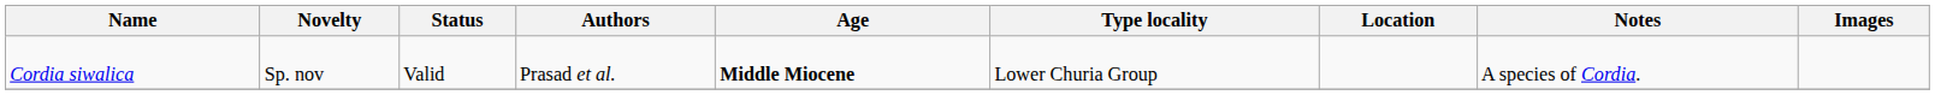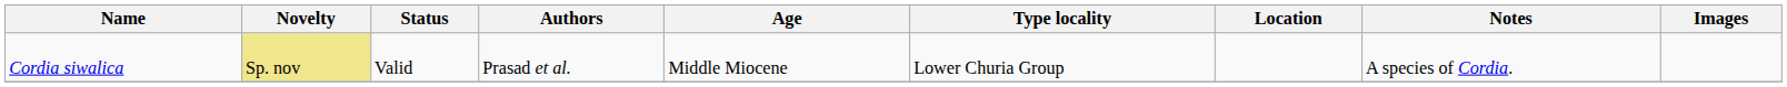 <table class="wikitable sortable" align="center" width="100%">
 <tr>
 <th>Name</th>
 <th>Novelty</th>
 <th>Status</th>
 <th>Authors</th>
 <th>Age</th>
 <th>Type locality</th>
 <th>Location</th>
 <th>Notes</th>
 <th>Images</th>
 </tr>
 <tr>
 <td><br><em><a href='#'>Cordia siwalica</a></em></td>
-<td><br>Sp. nov</td>
+<td style="background: khaki;"><br>Sp. nov</td>
 <td><br>Valid</td>
 <td><br>Prasad <em>et al.</em></td>
-<td><strong><br>Middle Miocene</strong></td>
+<td><br>Middle Miocene</td>
 <td><br>Lower Churia Group</td>
 <td><br></td>
 <td><br>A species of <em><a href='#'>Cordia</a></em>.</td>
 <td></td>
 </tr>
 <tr>
 </tr>
 </table>
